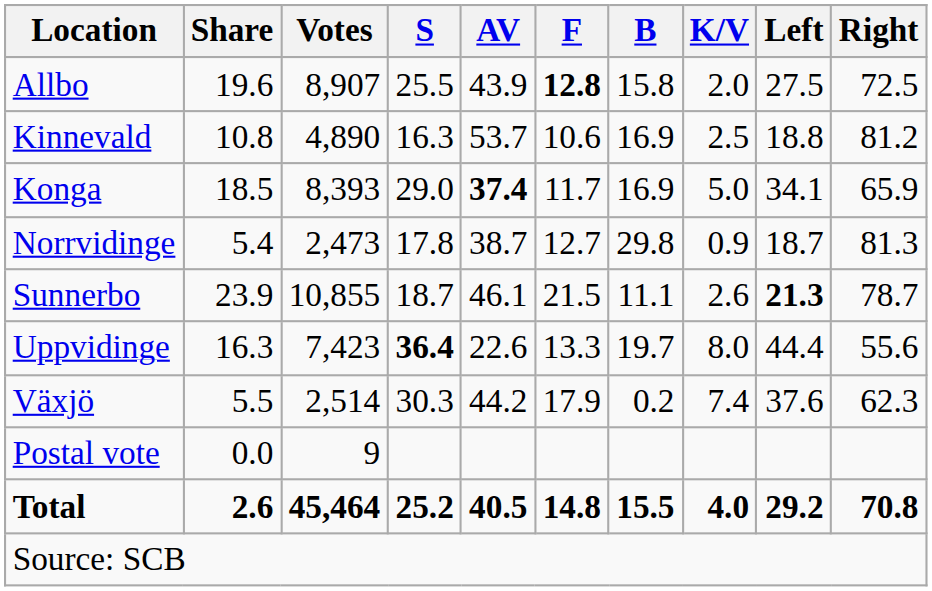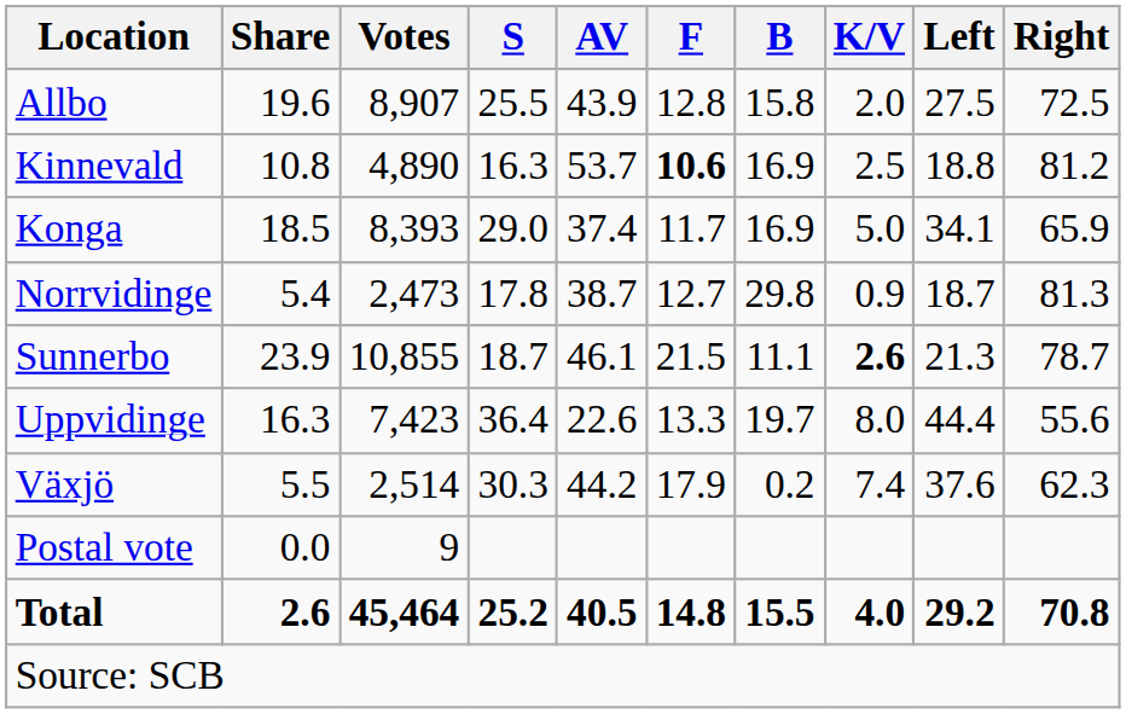 <table class="wikitable sortable" style=text-align:right>
 <tr>
 <th>Location</th>
 <th>Share</th>
 <th>Votes</th>
 <th><a href='#'>S</a></th>
 <th><a href='#'>AV</a></th>
 <th><a href='#'>F</a></th>
 <th><a href='#'>B</a></th>
 <th><a href='#'>K/V</a></th>
 <th>Left</th>
 <th>Right</th>
 </tr>
 <tr>
 <td align=left><a href='#'>Allbo</a></td>
 <td>19.6</td>
 <td>8,907</td>
 <td>25.5</td>
 <td>43.9</td>
-<td><strong>12.8</strong></td>
+<td>12.8</td>
 <td>15.8</td>
 <td>2.0</td>
 <td>27.5</td>
 <td>72.5</td>
 </tr>
 <tr>
 <td align=left><a href='#'>Kinnevald</a></td>
 <td>10.8</td>
 <td>4,890</td>
 <td>16.3</td>
 <td>53.7</td>
-<td>10.6</td>
+<td><strong>10.6</strong></td>
 <td>16.9</td>
 <td>2.5</td>
 <td>18.8</td>
 <td>81.2</td>
 </tr>
 <tr>
 <td align=left><a href='#'>Konga</a></td>
 <td>18.5</td>
 <td>8,393</td>
 <td>29.0</td>
-<td><strong>37.4</strong></td>
+<td>37.4</td>
 <td>11.7</td>
 <td>16.9</td>
 <td>5.0</td>
 <td>34.1</td>
 <td>65.9</td>
 </tr>
 <tr>
 <td align=left><a href='#'>Norrvidinge</a></td>
 <td>5.4</td>
 <td>2,473</td>
 <td>17.8</td>
 <td>38.7</td>
 <td>12.7</td>
 <td>29.8</td>
 <td>0.9</td>
 <td>18.7</td>
 <td>81.3</td>
 </tr>
 <tr>
 <td align=left><a href='#'>Sunnerbo</a></td>
 <td>23.9</td>
 <td>10,855</td>
 <td>18.7</td>
 <td>46.1</td>
 <td>21.5</td>
 <td>11.1</td>
-<td>2.6</td>
-<td><strong>21.3</strong></td>
+<td><strong>2.6</strong></td>
+<td>21.3</td>
 <td>78.7</td>
 </tr>
 <tr>
 <td align=left><a href='#'>Uppvidinge</a></td>
 <td>16.3</td>
 <td>7,423</td>
-<td><strong>36.4</strong></td>
+<td>36.4</td>
 <td>22.6</td>
 <td>13.3</td>
 <td>19.7</td>
 <td>8.0</td>
 <td>44.4</td>
 <td>55.6</td>
 </tr>
 <tr>
 <td align=left><a href='#'>Växjö</a></td>
 <td>5.5</td>
 <td>2,514</td>
 <td>30.3</td>
 <td>44.2</td>
 <td>17.9</td>
 <td>0.2</td>
 <td>7.4</td>
 <td>37.6</td>
 <td>62.3</td>
 </tr>
 <tr>
 <td align=left><a href='#'>Postal vote</a></td>
 <td>0.0</td>
 <td>9</td>
 <td></td>
 <td></td>
 <td></td>
 <td></td>
 <td></td>
 <td></td>
 <td></td>
 </tr>
 <tr>
 <td align=left><strong>Total</strong></td>
 <td><strong>2.6</strong></td>
 <td><strong>45,464</strong></td>
 <td><strong>25.2</strong></td>
 <td><strong>40.5</strong></td>
 <td><strong>14.8</strong></td>
 <td><strong>15.5</strong></td>
 <td><strong>4.0</strong></td>
 <td><strong>29.2</strong></td>
 <td><strong>70.8</strong></td>
 </tr>
 <tr>
 <td align=left colspan=10>Source: SCB </td>
 </tr>
 </table>
